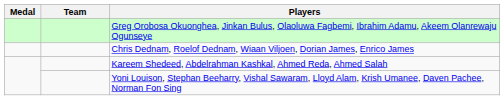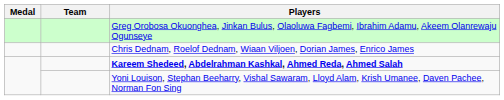 <table class=wikitable style="text-align:left; font-size:90%" width="800px">
 <tr>
 <th width=50>Medal</th>
 <th width=100>Team</th>
 <th width=600>Players</th>
 </tr>
 <tr bgcolor=ccffcc>
 <td style="text-align:center"></td>
 <td></td>
 <td><a href='#'>Greg Orobosa Okuonghea</a>, <a href='#'>Jinkan Bulus</a>, <a href='#'>Olaoluwa Fagbemi</a>, <a href='#'>Ibrahim Adamu</a>, <a href='#'>Akeem Olanrewaju Ogunseye</a></td>
 </tr>
 <tr>
 <td style="text-align:center"></td>
 <td></td>
 <td><a href='#'>Chris Dednam</a>, <a href='#'>Roelof Dednam</a>, <a href='#'>Wiaan Viljoen</a>, <a href='#'>Dorian James</a>, <a href='#'>Enrico James</a></td>
 </tr>
 <tr>
 <td rowspan="2" style="text-align:center"></td>
 <td></td>
-<td><a href='#'>Kareem Shedeed</a>, <a href='#'>Abdelrahman Kashkal</a>, <a href='#'>Ahmed Reda</a>, <a href='#'>Ahmed Salah</a></td>
+<td><strong><a href='#'>Kareem Shedeed</a>, <a href='#'>Abdelrahman Kashkal</a>, <a href='#'>Ahmed Reda</a>, <a href='#'>Ahmed Salah</a></strong></td>
 </tr>
 <tr>
 <td></td>
 <td><a href='#'>Yoni Louison</a>, <a href='#'>Stephan Beeharry</a>, <a href='#'>Vishal Sawaram</a>, <a href='#'>Lloyd Alam</a>, <a href='#'>Krish Umanee</a>, <a href='#'>Daven Pachee</a>, <a href='#'>Norman Fon Sing</a></td>
 </tr>
 </table>
